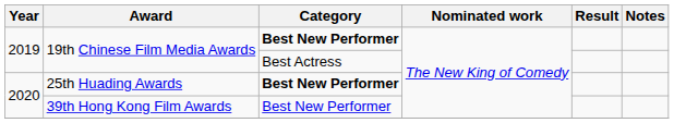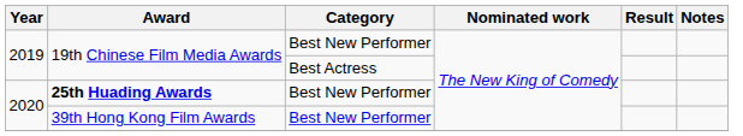 <table class="wikitable">
 <tr>
 <th>Year</th>
 <th>Award</th>
 <th>Category</th>
 <th>Nominated work</th>
 <th>Result</th>
 <th>Notes</th>
 </tr>
 <tr>
 <td rowspan=2>2019</td>
 <td rowspan=2>19th <a href='#'>Chinese Film Media Awards</a></td>
-<td><strong>Best New Performer</strong></td>
+<td>Best New Performer</td>
 <td rowspan=4><em><a href='#'>The New King of Comedy</a></em></td>
 <td></td>
 <td></td>
 </tr>
 <tr>
 <td>Best Actress</td>
 <td></td>
 <td></td>
 </tr>
 <tr>
 <td rowspan=2>2020</td>
-<td>25th <a href='#'>Huading Awards</a></td>
-<td><strong>Best New Performer</strong></td>
+<td><strong>25th <a href='#'>Huading Awards</a></strong></td>
+<td>Best New Performer</td>
 <td></td>
 <td></td>
 </tr>
 <tr>
 <td><a href='#'>39th Hong Kong Film Awards</a></td>
 <td><a href='#'>Best New Performer</a></td>
 <td></td>
 <td></td>
 </tr>
 <tr>
 </tr>
 </table>
